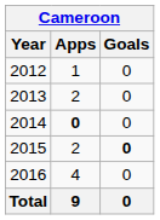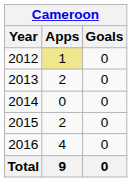 <table class="wikitable" style="text-align:center">
 <tr>
 <th colspan=3><a href='#'>Cameroon</a></th>
 </tr>
 <tr>
 <th>Year</th>
 <th>Apps</th>
 <th>Goals</th>
 </tr>
 <tr>
 <td>2012</td>
-<td>1</td>
+<td style="background: khaki;">1</td>
 <td>0</td>
 </tr>
 <tr>
 <td>2013</td>
 <td>2</td>
 <td>0</td>
 </tr>
 <tr>
 <td>2014</td>
-<td><strong>0</strong></td>
+<td>0</td>
 <td>0</td>
 </tr>
 <tr>
 <td>2015</td>
 <td>2</td>
-<td><strong>0</strong></td>
+<td>0</td>
 </tr>
 <tr>
 <td>2016</td>
 <td>4</td>
 <td>0</td>
 </tr>
 <tr>
 <th>Total</th>
 <th>9</th>
 <th>0</th>
 </tr>
 </table>
